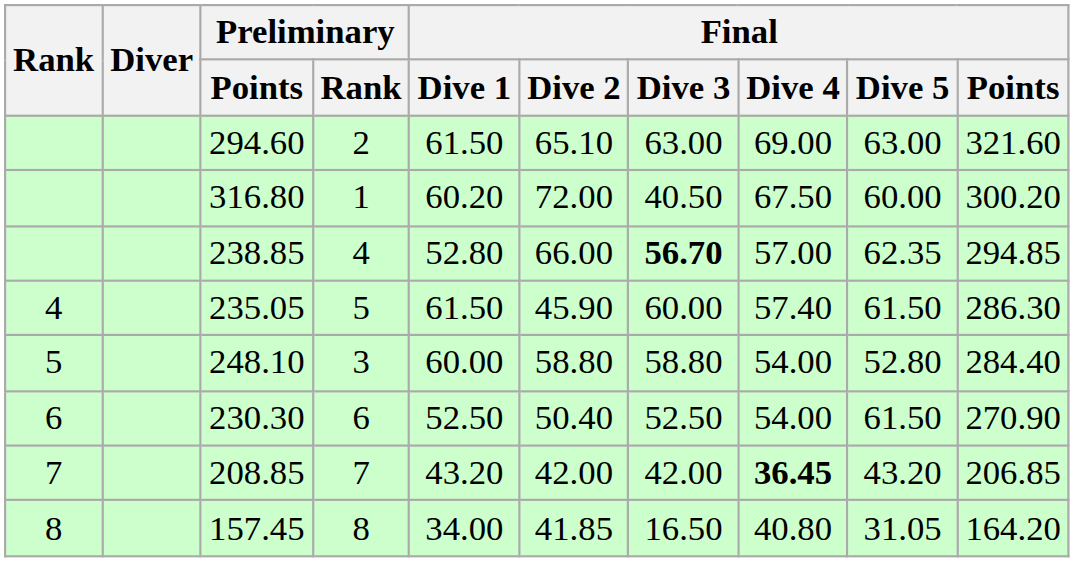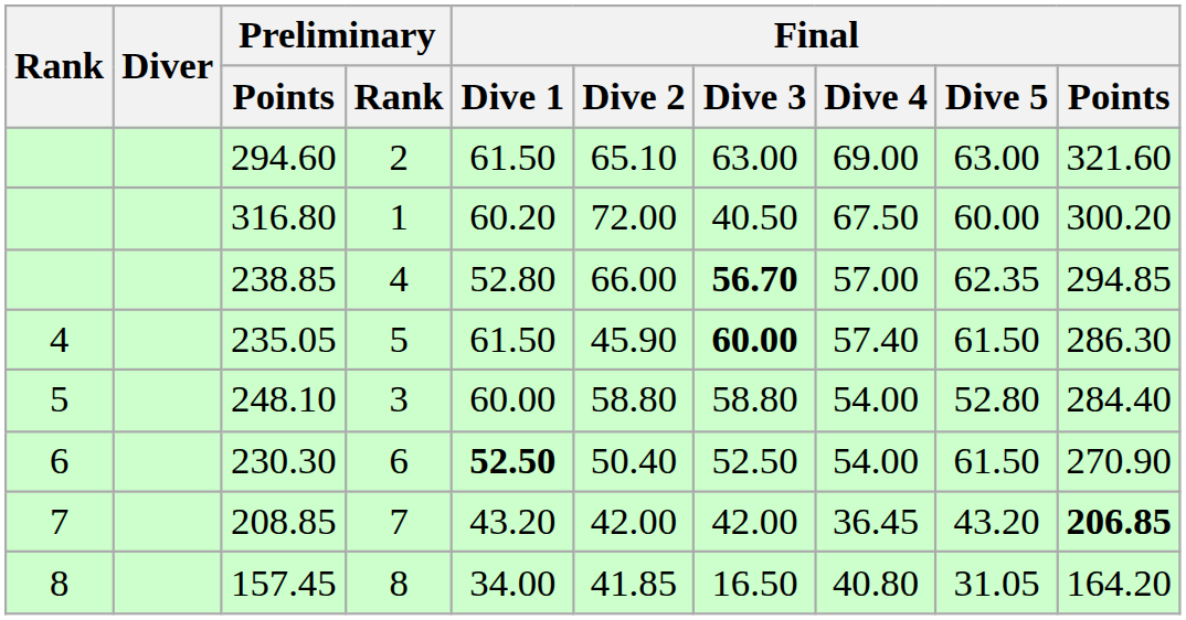 <table class="wikitable sortable"  style="text-align:center">
 <tr>
 <th rowspan="2" data-sort-type=number>Rank</th>
 <th rowspan="2">Diver</th>
 <th colspan="2">Preliminary</th>
 <th colspan="6">Final</th>
 </tr>
 <tr>
 <th>Points</th>
 <th>Rank</th>
 <th>Dive 1</th>
 <th>Dive 2</th>
 <th>Dive 3</th>
 <th>Dive 4</th>
 <th>Dive 5</th>
 <th>Points</th>
 </tr>
 <tr bgcolor=ccffcc>
 <td></td>
 <td align="left"></td>
 <td>294.60</td>
 <td>2</td>
 <td>61.50</td>
 <td>65.10</td>
 <td>63.00</td>
 <td>69.00</td>
 <td>63.00</td>
 <td>321.60</td>
 </tr>
 <tr bgcolor=ccffcc>
 <td></td>
 <td align="left"></td>
 <td>316.80</td>
 <td>1</td>
 <td>60.20</td>
 <td>72.00</td>
 <td>40.50</td>
 <td>67.50</td>
 <td>60.00</td>
 <td>300.20</td>
 </tr>
 <tr bgcolor=ccffcc>
 <td></td>
 <td align="left"></td>
 <td>238.85</td>
 <td>4</td>
 <td>52.80</td>
 <td>66.00</td>
 <td><strong>56.70</strong></td>
 <td>57.00</td>
 <td>62.35</td>
 <td>294.85</td>
 </tr>
 <tr bgcolor=ccffcc>
 <td>4</td>
 <td align="left"></td>
 <td>235.05</td>
 <td>5</td>
 <td>61.50</td>
 <td>45.90</td>
-<td>60.00</td>
+<td><strong>60.00</strong></td>
 <td>57.40</td>
 <td>61.50</td>
 <td>286.30</td>
 </tr>
 <tr bgcolor=ccffcc>
 <td>5</td>
 <td align="left"></td>
 <td>248.10</td>
 <td>3</td>
 <td>60.00</td>
 <td>58.80</td>
 <td>58.80</td>
 <td>54.00</td>
 <td>52.80</td>
 <td>284.40</td>
 </tr>
 <tr bgcolor=ccffcc>
 <td>6</td>
 <td align="left"></td>
 <td>230.30</td>
 <td>6</td>
-<td>52.50</td>
+<td><strong>52.50</strong></td>
 <td>50.40</td>
 <td>52.50</td>
 <td>54.00</td>
 <td>61.50</td>
 <td>270.90</td>
 </tr>
 <tr bgcolor=ccffcc>
 <td>7</td>
 <td align="left"></td>
 <td>208.85</td>
 <td>7</td>
 <td>43.20</td>
 <td>42.00</td>
 <td>42.00</td>
-<td><strong>36.45</strong></td>
+<td>36.45</td>
 <td>43.20</td>
-<td>206.85</td>
+<td><strong>206.85</strong></td>
 </tr>
 <tr bgcolor=ccffcc>
 <td>8</td>
 <td align="left"></td>
 <td>157.45</td>
 <td>8</td>
 <td>34.00</td>
 <td>41.85</td>
 <td>16.50</td>
 <td>40.80</td>
 <td>31.05</td>
 <td>164.20</td>
 </tr>
 </table>
